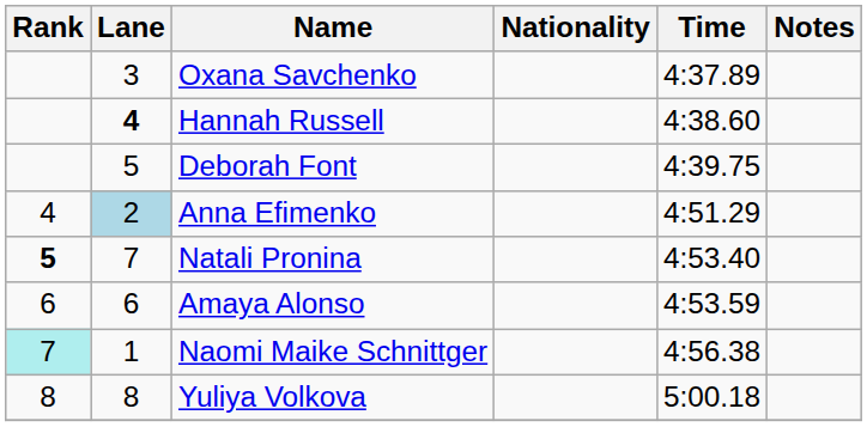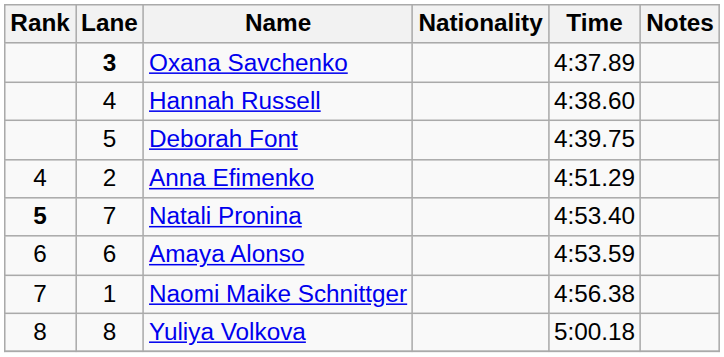 <table class="wikitable">
 <tr>
 <th>Rank</th>
 <th>Lane</th>
 <th>Name</th>
 <th>Nationality</th>
 <th>Time</th>
 <th>Notes</th>
 </tr>
 <tr>
 <td align=center></td>
-<td align=center>3</td>
+<td align=center><strong>3</strong></td>
 <td><a href='#'>Oxana Savchenko</a></td>
 <td></td>
 <td align=center>4:37.89</td>
 <td align=center></td>
 </tr>
 <tr>
 <td align=center></td>
-<td align=center><strong>4</strong></td>
+<td align=center>4</td>
 <td><a href='#'>Hannah Russell</a></td>
 <td></td>
 <td align=center>4:38.60</td>
 <td align=center></td>
 </tr>
 <tr>
 <td align=center></td>
 <td align=center>5</td>
 <td><a href='#'>Deborah Font</a></td>
 <td></td>
 <td align=center>4:39.75</td>
 <td align=center></td>
 </tr>
 <tr>
 <td align=center>4</td>
-<td align=center style="background: lightblue;">2</td>
+<td align=center>2</td>
 <td><a href='#'>Anna Efimenko</a></td>
 <td></td>
 <td align=center>4:51.29</td>
 <td align=center></td>
 </tr>
 <tr>
 <td align=center><strong>5</strong></td>
 <td align=center>7</td>
 <td><a href='#'>Natali Pronina</a></td>
 <td></td>
 <td align=center>4:53.40</td>
 <td align=center></td>
 </tr>
 <tr>
 <td align=center>6</td>
 <td align=center>6</td>
 <td><a href='#'>Amaya Alonso</a></td>
 <td></td>
 <td align=center>4:53.59</td>
 <td align=center></td>
 </tr>
 <tr>
-<td align=center style="background: paleturquoise;">7</td>
+<td align=center>7</td>
 <td align=center>1</td>
 <td><a href='#'>Naomi Maike Schnittger</a></td>
 <td></td>
 <td align=center>4:56.38</td>
 <td align=center></td>
 </tr>
 <tr>
 <td align=center>8</td>
 <td align=center>8</td>
 <td><a href='#'>Yuliya Volkova</a></td>
 <td></td>
 <td align=center>5:00.18</td>
 <td align=center></td>
 </tr>
 <tr>
 </tr>
 </table>
